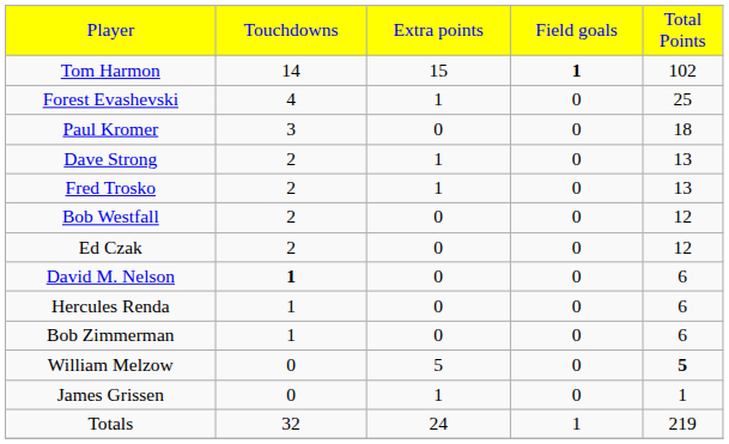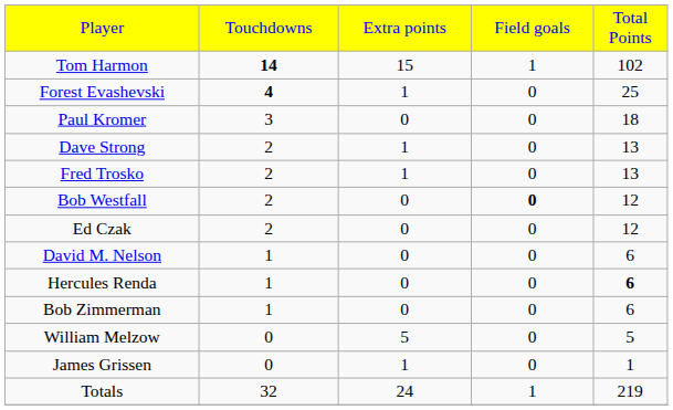 <table class="wikitable" width="70%">
 <tr align="center" style="background:yellow;color:blue;">
 <td>Player</td>
 <td>Touchdowns</td>
 <td>Extra points</td>
 <td>Field goals</td>
 <td>Total<br>Points</td>
 </tr>
 <tr align="center" bgcolor="">
 <td><a href='#'>Tom Harmon</a></td>
-<td>14</td>
+<td><strong>14</strong></td>
 <td>15</td>
-<td><strong>1</strong></td>
+<td>1</td>
 <td>102</td>
 </tr>
 <tr align="center" bgcolor="">
 <td><a href='#'>Forest Evashevski</a></td>
-<td>4</td>
+<td><strong>4</strong></td>
 <td>1</td>
 <td>0</td>
 <td>25</td>
 </tr>
 <tr align="center" bgcolor="">
 <td><a href='#'>Paul Kromer</a></td>
 <td>3</td>
 <td>0</td>
 <td>0</td>
 <td>18</td>
 </tr>
 <tr align="center" bgcolor="">
 <td><a href='#'>Dave Strong</a></td>
 <td>2</td>
 <td>1</td>
 <td>0</td>
 <td>13</td>
 </tr>
 <tr align="center" bgcolor="">
 <td><a href='#'>Fred Trosko</a></td>
 <td>2</td>
 <td>1</td>
 <td>0</td>
 <td>13</td>
 </tr>
 <tr align="center" bgcolor="">
 <td><a href='#'>Bob Westfall</a></td>
 <td>2</td>
 <td>0</td>
-<td>0</td>
+<td><strong>0</strong></td>
 <td>12</td>
 </tr>
 <tr align="center" bgcolor="">
 <td>Ed Czak</td>
 <td>2</td>
 <td>0</td>
 <td>0</td>
 <td>12</td>
 </tr>
 <tr align="center" bgcolor="">
 <td><a href='#'>David M. Nelson</a></td>
-<td><strong>1</strong></td>
+<td>1</td>
 <td>0</td>
 <td>0</td>
 <td>6</td>
 </tr>
 <tr align="center" bgcolor="">
 <td>Hercules Renda</td>
 <td>1</td>
 <td>0</td>
 <td>0</td>
-<td>6</td>
+<td><strong>6</strong></td>
 </tr>
 <tr align="center" bgcolor="">
 <td>Bob Zimmerman</td>
 <td>1</td>
 <td>0</td>
 <td>0</td>
 <td>6</td>
 </tr>
 <tr align="center" bgcolor="">
 <td>William Melzow</td>
 <td>0</td>
 <td>5</td>
 <td>0</td>
-<td><strong>5</strong></td>
+<td>5</td>
 </tr>
 <tr align="center" bgcolor="">
 <td>James Grissen</td>
 <td>0</td>
 <td>1</td>
 <td>0</td>
 <td>1</td>
 </tr>
 <tr align="center" bgcolor="">
 <td>Totals</td>
 <td>32</td>
 <td>24</td>
 <td>1</td>
 <td>219</td>
 </tr>
 <tr align="center" bgcolor="">
 </tr>
 </table>
